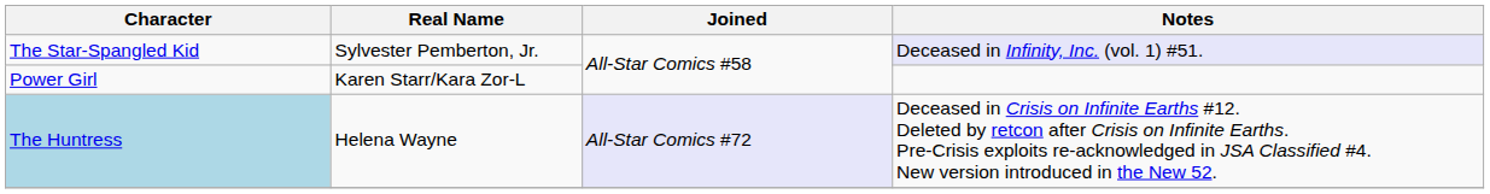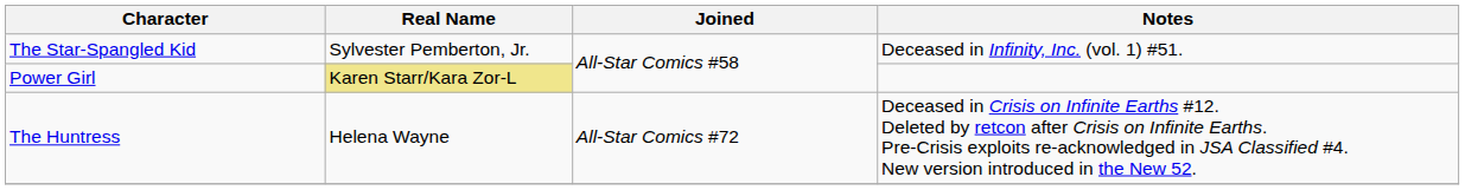 <table class="wikitable" width=100%>
 <tr>
 <th width=22%>Character</th>
 <th width=17%>Real Name</th>
 <th width=21%>Joined</th>
 <th width=40%>Notes</th>
 </tr>
 <tr>
 <td><a href='#'>The Star-Spangled Kid</a></td>
 <td>Sylvester Pemberton, Jr.</td>
 <td rowspan="2"><em>All-Star Comics</em> #58</td>
-<td style="background: lavender;">Deceased in <em><a href='#'>Infinity, Inc.</a></em> (vol. 1) #51.</td>
+<td>Deceased in <em><a href='#'>Infinity, Inc.</a></em> (vol. 1) #51.</td>
 </tr>
 <tr>
 <td><a href='#'>Power Girl</a></td>
-<td>Karen Starr/Kara Zor-L</td>
+<td style="background: khaki;">Karen Starr/Kara Zor-L</td>
 <td></td>
 </tr>
 <tr>
-<td style="background: lightblue;"><a href='#'>The Huntress</a></td>
+<td><a href='#'>The Huntress</a></td>
 <td>Helena Wayne</td>
-<td style="background: lavender;"><em>All-Star Comics</em> #72</td>
+<td><em>All-Star Comics</em> #72</td>
 <td>Deceased in <em><a href='#'>Crisis on Infinite Earths</a></em> #12.<br>Deleted by <a href='#'>retcon</a> after <em>Crisis on Infinite Earths</em>.<br>Pre-Crisis exploits re-acknowledged in <em>JSA Classified</em> #4.<br>New version introduced in <a href='#'>the New 52</a>.</td>
 </tr>
 <tr>
 </tr>
 </table>
